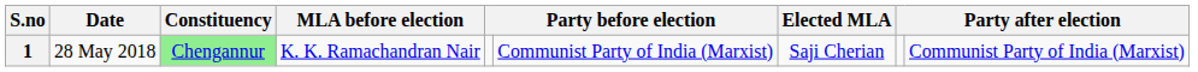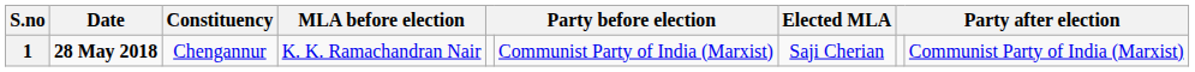 <table class="wikitable sortable" style="text-align:center;">
 <tr>
 <th>S.no</th>
 <th>Date</th>
 <th>Constituency</th>
 <th>MLA before election</th>
 <th colspan="2">Party before election</th>
 <th>Elected MLA</th>
 <th colspan="2">Party after election</th>
 </tr>
 <tr>
 <th>1</th>
-<td>28 May 2018</td>
-<td style="background: lightgreen;"><a href='#'>Chengannur</a></td>
+<td><strong>28 May 2018</strong></td>
+<td><a href='#'>Chengannur</a></td>
 <td><a href='#'>K. K. Ramachandran Nair</a></td>
 <td></td>
 <td><a href='#'>Communist Party of India (Marxist)</a></td>
 <td><a href='#'>Saji Cherian</a></td>
 <td></td>
 <td><a href='#'>Communist Party of India (Marxist)</a></td>
 </tr>
 </table>
